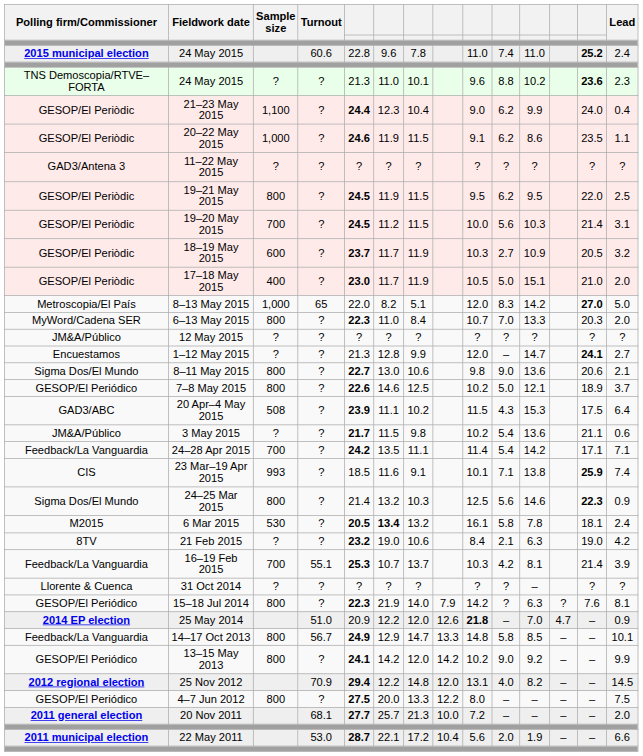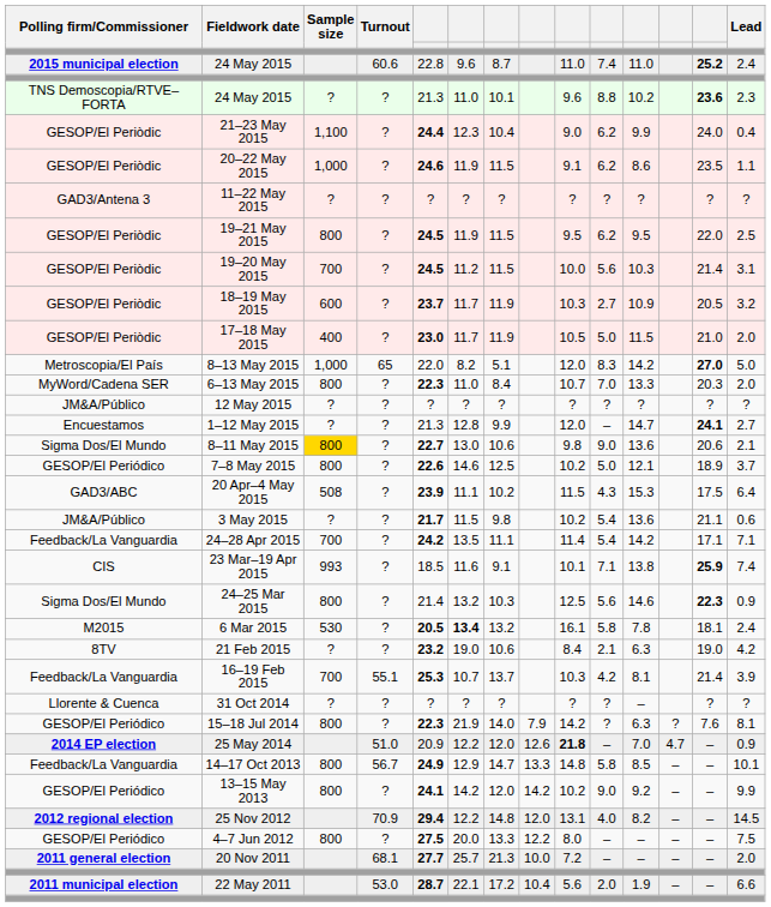 <table class="wikitable collapsible collapsed" style="text-align:center; font-size:95%; line-height:16px;">
 <tr style="height:42px;">
 <th style="width:250px;" rowspan="2">Polling firm/Commissioner</th>
 <th style="width:125px;" rowspan="2">Fieldwork date</th>
 <th style="width:50px;" rowspan="2">Sample size</th>
 <th style="width:45px;" rowspan="2">Turnout</th>
 <th style="width:35px;"></th>
 <th style="width:35px;"></th>
 <th style="width:35px;"></th>
 <th style="width:35px;"></th>
 <th style="width:35px;"></th>
 <th style="width:35px;"></th>
 <th style="width:35px;"></th>
 <th style="width:35px;"></th>
 <th style="width:35px;"></th>
 <th style="width:30px;" rowspan="2">Lead</th>
 </tr>
 <tr>
 <th style="color:inherit;background:"></th>
 <th style="color:inherit;background:"></th>
 <th style="color:inherit;background:"></th>
 <th style="color:inherit;background:"></th>
 <th style="color:inherit;background:"></th>
 <th style="color:inherit;background:"></th>
 <th style="color:inherit;background:"></th>
 <th style="color:inherit;background:"></th>
 <th style="color:inherit;background:"></th>
 </tr>
 <tr>
 <td colspan="14" style="background:#A0A0A0"></td>
 </tr>
 <tr style="background:#EFEFEF;">
 <td><strong><a href='#'>2015 municipal election</a></strong></td>
 <td>24 May 2015</td>
 <td></td>
 <td>60.6</td>
 <td>22.8<br></td>
 <td>9.6<br></td>
-<td>7.8<br></td>
+<td>8.7<br></td>
 <td></td>
 <td>11.0<br></td>
 <td>7.4<br></td>
 <td>11.0<br></td>
 <td></td>
 <td><strong>25.2</strong><br></td>
 <td style="background:">2.4</td>
 </tr>
 <tr>
 <td colspan="14" style="background:#A0A0A0"></td>
 </tr>
 <tr style="background:#EAFFEA;">
 <td>TNS Demoscopia/RTVE–FORTA</td>
 <td>24 May 2015</td>
 <td>?</td>
 <td>?</td>
 <td>21.3<br></td>
 <td>11.0<br></td>
 <td>10.1<br></td>
 <td></td>
 <td>9.6<br></td>
 <td>8.8<br></td>
 <td>10.2<br></td>
 <td></td>
 <td><strong>23.6</strong><br></td>
 <td style="background:">2.3</td>
 </tr>
 <tr style="background:#FFEAEA;">
 <td>GESOP/El Periòdic</td>
 <td>21–23 May 2015</td>
 <td>1,100</td>
 <td>?</td>
 <td><strong>24.4</strong><br></td>
 <td>12.3<br></td>
 <td>10.4<br></td>
 <td></td>
 <td>9.0<br></td>
 <td>6.2<br></td>
 <td>9.9<br></td>
 <td></td>
 <td>24.0<br></td>
 <td style="background:">0.4</td>
 </tr>
 <tr style="background:#FFEAEA;">
 <td>GESOP/El Periòdic</td>
 <td>20–22 May 2015</td>
 <td>1,000</td>
 <td>?</td>
 <td><strong>24.6</strong><br></td>
 <td>11.9<br></td>
 <td>11.5<br></td>
 <td></td>
 <td>9.1<br></td>
 <td>6.2<br></td>
 <td>8.6<br></td>
 <td></td>
 <td>23.5<br></td>
 <td style="background:">1.1</td>
 </tr>
 <tr style="background:#FFEAEA;">
 <td>GAD3/Antena 3</td>
 <td>11–22 May 2015</td>
 <td>?</td>
 <td>?</td>
 <td>?<br></td>
 <td>?<br></td>
 <td>?<br></td>
 <td></td>
 <td>?<br></td>
 <td>?<br></td>
 <td>?<br></td>
 <td></td>
 <td>?<br></td>
 <td style="background:">?</td>
 </tr>
 <tr style="background:#FFEAEA;">
 <td>GESOP/El Periòdic</td>
 <td>19–21 May 2015</td>
 <td>800</td>
 <td>?</td>
 <td><strong>24.5</strong><br></td>
 <td>11.9<br></td>
 <td>11.5<br></td>
 <td></td>
 <td>9.5<br></td>
 <td>6.2<br></td>
 <td>9.5<br></td>
 <td></td>
 <td>22.0<br></td>
 <td style="background:">2.5</td>
 </tr>
 <tr style="background:#FFEAEA;">
 <td>GESOP/El Periòdic</td>
 <td>19–20 May 2015</td>
 <td>700</td>
 <td>?</td>
 <td><strong>24.5</strong><br></td>
 <td>11.2<br></td>
 <td>11.5<br></td>
 <td></td>
 <td>10.0<br></td>
 <td>5.6<br></td>
 <td>10.3<br></td>
 <td></td>
 <td>21.4<br></td>
 <td style="background:">3.1</td>
 </tr>
 <tr style="background:#FFEAEA;">
 <td>GESOP/El Periòdic</td>
 <td>18–19 May 2015</td>
 <td>600</td>
 <td>?</td>
 <td><strong>23.7</strong><br></td>
 <td>11.7<br></td>
 <td>11.9<br></td>
 <td></td>
 <td>10.3<br></td>
 <td>2.7<br></td>
 <td>10.9<br></td>
 <td></td>
 <td>20.5<br></td>
 <td style="background:">3.2</td>
 </tr>
 <tr style="background:#FFEAEA;">
 <td>GESOP/El Periòdic</td>
 <td>17–18 May 2015</td>
 <td>400</td>
 <td>?</td>
 <td><strong>23.0</strong><br></td>
 <td>11.7<br></td>
 <td>11.9<br></td>
 <td></td>
 <td>10.5<br></td>
 <td>5.0<br></td>
-<td>15.1<br></td>
+<td>11.5<br></td>
 <td></td>
 <td>21.0<br></td>
 <td style="background:">2.0</td>
 </tr>
 <tr>
 <td>Metroscopia/El País</td>
 <td>8–13 May 2015</td>
 <td>1,000</td>
 <td>65</td>
 <td>22.0<br></td>
 <td>8.2<br></td>
 <td>5.1<br></td>
 <td></td>
 <td>12.0<br></td>
 <td>8.3<br></td>
 <td>14.2<br></td>
 <td></td>
 <td><strong>27.0</strong><br></td>
 <td style="background:">5.0</td>
 </tr>
 <tr>
 <td>MyWord/Cadena SER</td>
 <td>6–13 May 2015</td>
 <td>800</td>
 <td>?</td>
 <td><strong>22.3</strong><br></td>
 <td>11.0<br></td>
 <td>8.4<br></td>
 <td></td>
 <td>10.7<br></td>
 <td>7.0<br></td>
 <td>13.3<br></td>
 <td></td>
 <td>20.3<br></td>
 <td style="background:">2.0</td>
 </tr>
 <tr>
 <td>JM&A/Público</td>
 <td>12 May 2015</td>
 <td>?</td>
 <td>?</td>
 <td>?<br></td>
 <td>?<br></td>
 <td>?<br></td>
 <td></td>
 <td>?<br></td>
 <td>?<br></td>
 <td>?<br></td>
 <td></td>
 <td>?<br></td>
 <td style="background:">?</td>
 </tr>
 <tr>
 <td>Encuestamos</td>
 <td>1–12 May 2015</td>
 <td>?</td>
 <td>?</td>
 <td>21.3<br></td>
 <td>12.8<br></td>
 <td>9.9<br></td>
 <td></td>
 <td>12.0<br></td>
 <td>–</td>
 <td>14.7<br></td>
 <td></td>
 <td><strong>24.1</strong><br></td>
 <td style="background:">2.7</td>
 </tr>
 <tr>
 <td>Sigma Dos/El Mundo</td>
 <td>8–11 May 2015</td>
-<td>800</td>
+<td style="background: gold;">800</td>
 <td>?</td>
 <td><strong>22.7</strong><br></td>
 <td>13.0<br></td>
 <td>10.6<br></td>
 <td></td>
 <td>9.8<br></td>
 <td>9.0<br></td>
 <td>13.6<br></td>
 <td></td>
 <td>20.6<br></td>
 <td style="background:">2.1</td>
 </tr>
 <tr>
 <td>GESOP/El Periódico</td>
 <td>7–8 May 2015</td>
 <td>800</td>
 <td>?</td>
 <td><strong>22.6</strong><br></td>
 <td>14.6<br></td>
 <td>12.5<br></td>
 <td></td>
 <td>10.2<br></td>
 <td>5.0<br></td>
 <td>12.1<br></td>
 <td></td>
 <td>18.9<br></td>
 <td style="background:">3.7</td>
 </tr>
 <tr>
 <td>GAD3/ABC</td>
 <td>20 Apr–4 May 2015</td>
 <td>508</td>
 <td>?</td>
 <td><strong>23.9</strong><br></td>
 <td>11.1<br></td>
 <td>10.2<br></td>
 <td></td>
 <td>11.5<br></td>
 <td>4.3<br></td>
 <td>15.3<br></td>
 <td></td>
 <td>17.5<br></td>
 <td style="background:">6.4</td>
 </tr>
 <tr>
 <td>JM&A/Público</td>
 <td>3 May 2015</td>
 <td>?</td>
 <td>?</td>
 <td><strong>21.7</strong><br></td>
 <td>11.5<br></td>
 <td>9.8<br></td>
 <td></td>
 <td>10.2<br></td>
 <td>5.4<br></td>
 <td>13.6<br></td>
 <td></td>
 <td>21.1<br></td>
 <td style="background:">0.6</td>
 </tr>
 <tr>
 <td>Feedback/La Vanguardia</td>
 <td>24–28 Apr 2015</td>
 <td>700</td>
 <td>?</td>
 <td><strong>24.2</strong><br></td>
 <td>13.5<br></td>
 <td>11.1<br></td>
 <td></td>
 <td>11.4<br></td>
 <td>5.4<br></td>
 <td>14.2<br></td>
 <td></td>
 <td>17.1<br></td>
 <td style="background:">7.1</td>
 </tr>
 <tr>
 <td>CIS</td>
 <td>23 Mar–19 Apr 2015</td>
 <td>993</td>
 <td>?</td>
 <td>18.5<br></td>
 <td>11.6<br></td>
 <td>9.1<br></td>
 <td></td>
 <td>10.1<br></td>
 <td>7.1<br></td>
 <td>13.8<br></td>
 <td></td>
 <td><strong>25.9</strong><br></td>
 <td style="background:">7.4</td>
 </tr>
 <tr>
 <td>Sigma Dos/El Mundo</td>
 <td>24–25 Mar 2015</td>
 <td>800</td>
 <td>?</td>
 <td>21.4<br></td>
 <td>13.2<br></td>
 <td>10.3<br></td>
 <td></td>
 <td>12.5<br></td>
 <td>5.6<br></td>
 <td>14.6<br></td>
 <td></td>
 <td><strong>22.3</strong><br></td>
 <td style="background:">0.9</td>
 </tr>
 <tr>
 <td>M2015</td>
 <td>6 Mar 2015</td>
 <td>530</td>
 <td>?</td>
 <td><strong>20.5</strong><br></td>
 <td><strong>13.4<br></strong></td>
 <td>13.2<br></td>
 <td></td>
 <td>16.1<br></td>
 <td>5.8<br></td>
 <td>7.8<br></td>
 <td></td>
 <td>18.1<br></td>
 <td style="background:">2.4</td>
 </tr>
 <tr>
 <td>8TV</td>
 <td>21 Feb 2015</td>
 <td>?</td>
 <td>?</td>
 <td><strong>23.2</strong><br></td>
 <td>19.0<br></td>
 <td>10.6<br></td>
 <td></td>
 <td>8.4<br></td>
 <td>2.1<br></td>
 <td>6.3<br></td>
 <td></td>
 <td>19.0<br></td>
 <td style="background:">4.2</td>
 </tr>
 <tr>
 <td>Feedback/La Vanguardia</td>
 <td>16–19 Feb 2015</td>
 <td>700</td>
 <td>55.1</td>
 <td><strong>25.3</strong><br></td>
 <td>10.7<br></td>
 <td>13.7<br></td>
 <td></td>
 <td>10.3<br></td>
 <td>4.2<br></td>
 <td>8.1<br></td>
 <td></td>
 <td>21.4<br></td>
 <td style="background:">3.9</td>
 </tr>
 <tr>
 <td>Llorente & Cuenca</td>
 <td>31 Oct 2014</td>
 <td>?</td>
 <td>?</td>
 <td>?<br></td>
 <td>?<br></td>
 <td>?<br></td>
 <td></td>
 <td>?<br></td>
 <td>?<br></td>
 <td>–</td>
 <td></td>
 <td>?<br></td>
 <td style="background:">?</td>
 </tr>
 <tr>
 <td>GESOP/El Periódico</td>
 <td>15–18 Jul 2014</td>
 <td>800</td>
 <td>?</td>
 <td><strong>22.3</strong><br></td>
 <td>21.9<br></td>
 <td>14.0<br></td>
 <td>7.9<br></td>
 <td>14.2<br></td>
 <td>?<br></td>
 <td>6.3<br></td>
 <td>?<br></td>
 <td>7.6<br></td>
 <td style="background:">8.1</td>
 </tr>
 <tr style="background:#EFEFEF;">
 <td><strong><a href='#'>2014 EP election</a></strong></td>
 <td>25 May 2014</td>
 <td></td>
 <td>51.0</td>
 <td>20.9<br></td>
 <td>12.2<br></td>
 <td>12.0<br></td>
 <td>12.6<br></td>
 <td><strong>21.8</strong><br></td>
 <td>–</td>
 <td>7.0<br></td>
 <td>4.7<br></td>
 <td>–</td>
 <td style="background:">0.9</td>
 </tr>
 <tr>
 <td>Feedback/La Vanguardia</td>
 <td>14–17 Oct 2013</td>
 <td>800</td>
 <td>56.7</td>
 <td><strong>24.9</strong><br></td>
 <td>12.9<br></td>
 <td>14.7<br></td>
 <td>13.3<br></td>
 <td>14.8<br></td>
 <td>5.8<br></td>
 <td>8.5<br></td>
 <td>–</td>
 <td>–</td>
 <td style="background:">10.1</td>
 </tr>
 <tr>
 <td>GESOP/El Periódico</td>
 <td>13–15 May 2013</td>
 <td>800</td>
 <td>?</td>
 <td><strong>24.1</strong><br></td>
 <td>14.2<br></td>
 <td>12.0<br></td>
 <td>14.2<br></td>
 <td>10.2<br></td>
 <td>9.0<br></td>
 <td>9.2<br></td>
 <td>–</td>
 <td>–</td>
 <td style="background:">9.9</td>
 </tr>
 <tr style="background:#EFEFEF;">
 <td><strong><a href='#'>2012 regional election</a></strong></td>
 <td>25 Nov 2012</td>
 <td></td>
 <td>70.9</td>
 <td><strong>29.4</strong><br></td>
 <td>12.2<br></td>
 <td>14.8<br></td>
 <td>12.0<br></td>
 <td>13.1<br></td>
 <td>4.0<br></td>
 <td>8.2<br></td>
 <td>–</td>
 <td>–</td>
 <td style="background:">14.5</td>
 </tr>
 <tr>
 <td>GESOP/El Periódico</td>
 <td>4–7 Jun 2012</td>
 <td>800</td>
 <td>?</td>
 <td><strong>27.5</strong><br></td>
 <td>20.0<br></td>
 <td>13.3<br></td>
 <td>12.2<br></td>
 <td>8.0<br></td>
 <td>–</td>
 <td>–</td>
 <td>–</td>
 <td>–</td>
 <td style="background:">7.5</td>
 </tr>
 <tr style="background:#EFEFEF;">
 <td><strong><a href='#'>2011 general election</a></strong></td>
 <td>20 Nov 2011</td>
 <td></td>
 <td>68.1</td>
 <td><strong>27.7</strong><br></td>
 <td>25.7<br></td>
 <td>21.3<br></td>
 <td>10.0<br></td>
 <td>7.2<br></td>
 <td>–</td>
 <td>–</td>
 <td>–</td>
 <td>–</td>
 <td style="background:">2.0</td>
 </tr>
 <tr>
 <td colspan="14" style="background:#A0A0A0"></td>
 </tr>
 <tr style="background:#EFEFEF;">
 <td><strong><a href='#'>2011 municipal election</a></strong></td>
 <td>22 May 2011</td>
 <td></td>
 <td>53.0</td>
 <td><strong>28.7</strong><br></td>
 <td>22.1<br></td>
 <td>17.2<br></td>
 <td>10.4<br></td>
 <td>5.6<br></td>
 <td>2.0<br></td>
 <td>1.9<br></td>
 <td>–</td>
 <td>–</td>
 <td style="background:">6.6</td>
 </tr>
 <tr>
 <td colspan="14" style="background:#A0A0A0"></td>
 </tr>
 </table>
